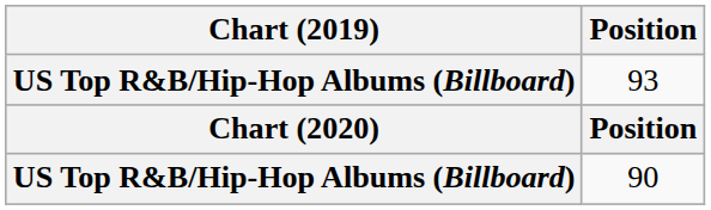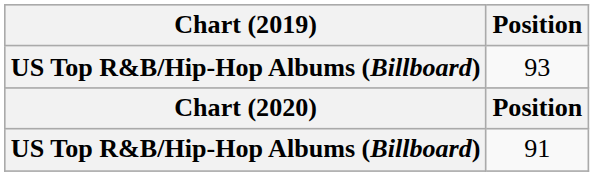 <table class="wikitable plainrowheaders" style="text-align:center">
 <tr>
 <th scope="col">Chart (2019)</th>
 <th scope="col">Position</th>
 </tr>
 <tr>
 <th scope="row">US Top R&B/Hip-Hop Albums (<em>Billboard</em>)</th>
 <td>93</td>
 </tr>
 <tr>
 <th scope="col">Chart (2020)</th>
 <th scope="col">Position</th>
 </tr>
 <tr>
 <th scope="row">US Top R&B/Hip-Hop Albums (<em>Billboard</em>)</th>
-<td>90</td>
+<td>91</td>
 </tr>
 </table>
